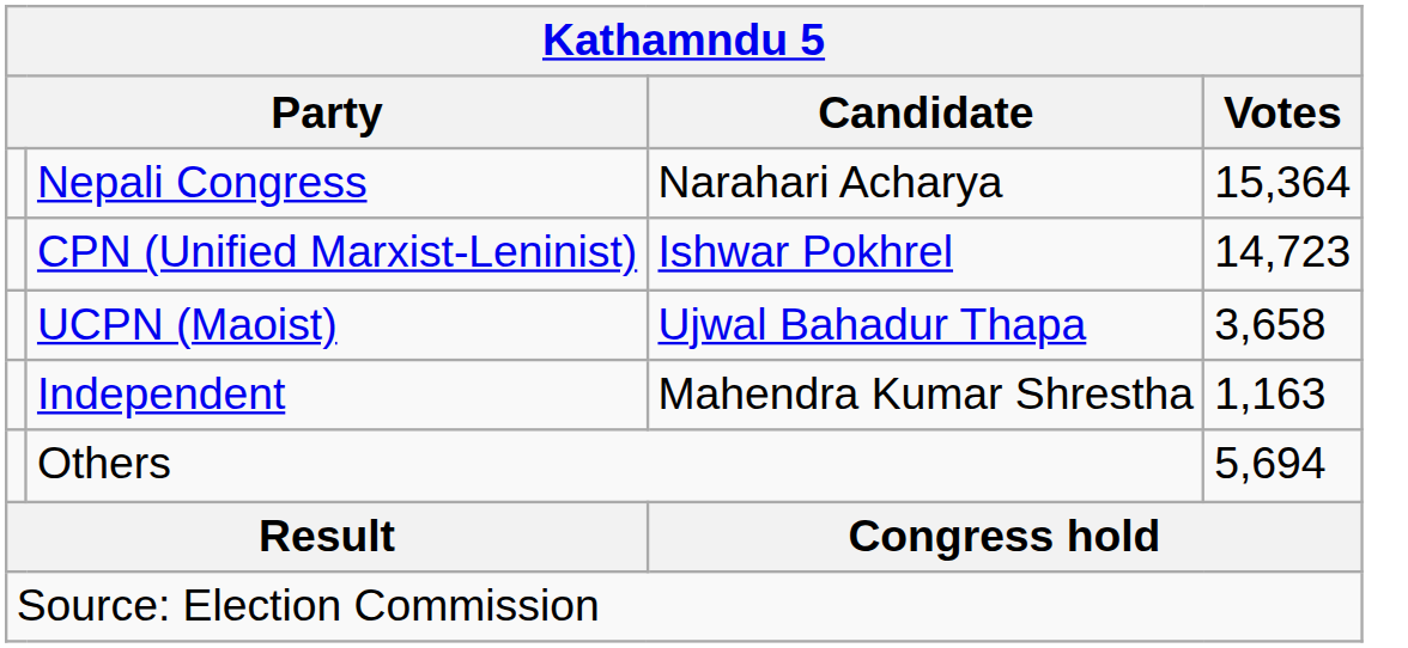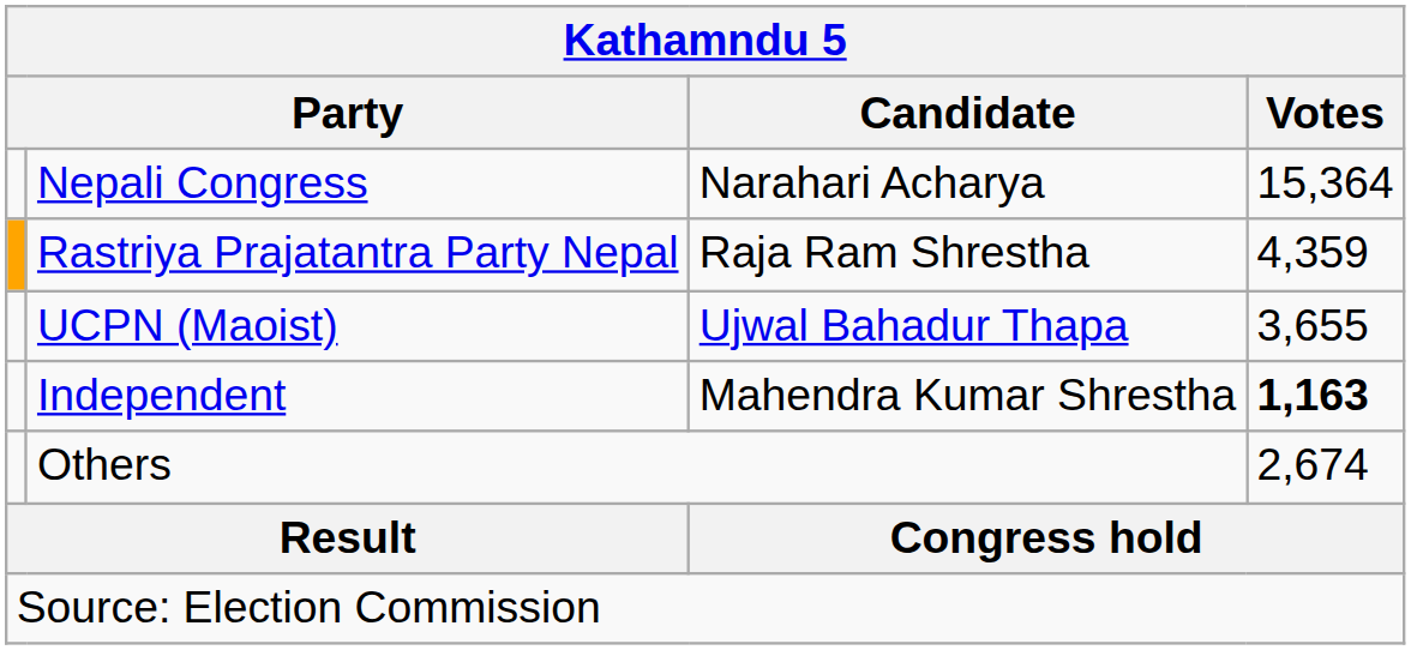 <table class="wikitable">
 <tr>
 <th colspan="4"><a href='#'>Kathamndu 5</a></th>
 </tr>
 <tr>
 <th colspan="2">Party</th>
 <th>Candidate</th>
 <th>Votes</th>
 </tr>
 <tr>
 <td style="background-color:"></td>
 <td><a href='#'>Nepali Congress</a></td>
 <td>Narahari Acharya</td>
 <td>15,364</td>
 </tr>
 <tr>
-<td style="background-color:"></td>
-<td><a href='#'>CPN (Unified Marxist-Leninist)</a></td>
-<td><a href='#'>Ishwar Pokhrel</a></td>
-<td>14,723</td>
+<td style="background-color:orange"></td>
+<td><a href='#'>Rastriya Prajatantra Party Nepal</a></td>
+<td>Raja Ram Shrestha</td>
+<td>4,359</td>
 </tr>
 <tr>
 <td style="background-color:"></td>
 <td><a href='#'>UCPN (Maoist)</a></td>
 <td><a href='#'>Ujwal Bahadur Thapa</a></td>
-<td>3,658</td>
+<td>3,655</td>
 </tr>
 <tr>
 <td style="background-color:"></td>
 <td><a href='#'>Independent</a></td>
 <td>Mahendra Kumar Shrestha</td>
-<td>1,163</td>
+<td><strong>1,163</strong></td>
 </tr>
 <tr>
 <td></td>
 <td colspan="2">Others</td>
-<td>5,694</td>
+<td>2,674</td>
 </tr>
 <tr>
 <th colspan="2">Result</th>
 <th colspan="2">Congress hold</th>
 </tr>
 <tr>
 <td colspan="4">Source: Election Commission</td>
 </tr>
 </table>
